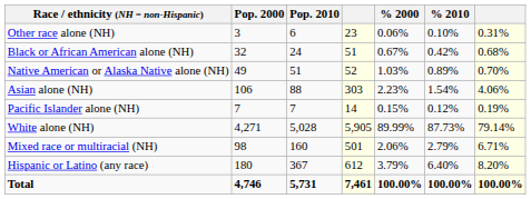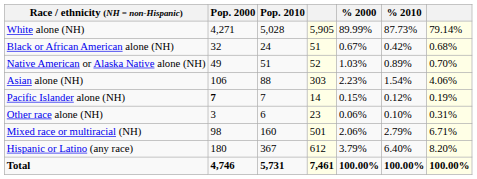 <table class="wikitable">
 <tr>
 <th>Race / ethnicity <small>(<em>NH = non-Hispanic</em>)</small></th>
 <th>Pop. 2000</th>
 <th>Pop. 2010</th>
 <th></th>
 <th>% 2000</th>
 <th>% 2010</th>
 <th></th>
 </tr>
 <tr>
-<td><a href='#'>Other race</a> alone (NH)</td>
-<td>3</td>
-<td>6</td>
-<td style='background: #ffffe6;'>23</td>
-<td>0.06%</td>
-<td>0.10%</td>
-<td style='background: #ffffe6;'>0.31%</td>
+<td><a href='#'>White</a> alone (NH)</td>
+<td>4,271</td>
+<td>5,028</td>
+<td style='background: #ffffe6;'>5,905</td>
+<td>89.99%</td>
+<td>87.73%</td>
+<td style='background: #ffffe6;'>79.14%</td>
 </tr>
 <tr>
 <td><a href='#'>Black or African American</a> alone (NH)</td>
 <td>32</td>
 <td>24</td>
 <td style='background: #ffffe6;'>51</td>
 <td>0.67%</td>
 <td>0.42%</td>
 <td style='background: #ffffe6;'>0.68%</td>
 </tr>
 <tr>
 <td><a href='#'>Native American</a> or <a href='#'>Alaska Native</a> alone (NH)</td>
 <td>49</td>
 <td>51</td>
 <td style='background: #ffffe6;'>52</td>
 <td>1.03%</td>
 <td>0.89%</td>
 <td style='background: #ffffe6;'>0.70%</td>
 </tr>
 <tr>
 <td><a href='#'>Asian</a> alone (NH)</td>
 <td>106</td>
 <td>88</td>
 <td style='background: #ffffe6;'>303</td>
 <td>2.23%</td>
 <td>1.54%</td>
 <td style='background: #ffffe6;'>4.06%</td>
 </tr>
 <tr>
 <td><a href='#'>Pacific Islander</a> alone (NH)</td>
-<td>7</td>
+<td><strong>7</strong></td>
 <td>7</td>
 <td style='background: #ffffe6;'>14</td>
 <td>0.15%</td>
 <td>0.12%</td>
 <td style='background: #ffffe6;'>0.19%</td>
 </tr>
 <tr>
-<td><a href='#'>White</a> alone (NH)</td>
-<td>4,271</td>
-<td>5,028</td>
-<td style='background: #ffffe6;'>5,905</td>
-<td>89.99%</td>
-<td>87.73%</td>
-<td style='background: #ffffe6;'>79.14%</td>
+<td><a href='#'>Other race</a> alone (NH)</td>
+<td>3</td>
+<td>6</td>
+<td style='background: #ffffe6;'>23</td>
+<td>0.06%</td>
+<td>0.10%</td>
+<td style='background: #ffffe6;'>0.31%</td>
 </tr>
 <tr>
 <td><a href='#'>Mixed race or multiracial</a> (NH)</td>
 <td>98</td>
 <td>160</td>
 <td style='background: #ffffe6;'>501</td>
 <td>2.06%</td>
 <td>2.79%</td>
 <td style='background: #ffffe6;'>6.71%</td>
 </tr>
 <tr>
 <td><a href='#'>Hispanic or Latino</a> (any race)</td>
 <td>180</td>
 <td>367</td>
 <td style='background: #ffffe6;'>612</td>
 <td>3.79%</td>
 <td>6.40%</td>
 <td style='background: #ffffe6;'>8.20%</td>
 </tr>
 <tr>
 <td><strong>Total</strong></td>
 <td><strong>4,746</strong></td>
 <td><strong>5,731</strong></td>
 <td style='background: #ffffe6;'><strong>7,461</strong></td>
 <td><strong>100.00%</strong></td>
 <td><strong>100.00%</strong></td>
 <td style='background: #ffffe6;'><strong>100.00%</strong></td>
 </tr>
 </table>
